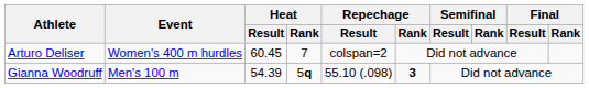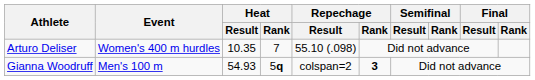 <table class="wikitable" style="font-size:90%">
 <tr>
 <th rowspan="2">Athlete</th>
 <th rowspan="2">Event</th>
 <th colspan="2">Heat</th>
 <th colspan="2">Repechage</th>
 <th colspan="2">Semifinal</th>
 <th colspan="2">Final</th>
 </tr>
 <tr style="font-size:95%">
 <th>Result</th>
 <th>Rank</th>
 <th>Result</th>
 <th>Rank</th>
 <th>Result</th>
 <th>Rank</th>
 <th>Result</th>
 <th>Rank</th>
 </tr>
 <tr align=center>
 <td align=left><a href='#'>Arturo Deliser</a></td>
 <td align=left><a href='#'>Women's 400 m hurdles</a></td>
-<td>60.45</td>
+<td>10.35</td>
 <td>7</td>
-<td>colspan=2 </td>
+<td>55.10 (.098)</td>
 <td colspan=4>Did not advance</td>
 </tr>
 <tr align=center>
 <td align=left><a href='#'>Gianna Woodruff</a></td>
 <td align=left><a href='#'>Men's 100 m</a></td>
-<td>54.39</td>
+<td>54.93</td>
 <td>5<strong>q</strong></td>
-<td>55.10 (.098)</td>
+<td>colspan=2 </td>
 <td><strong>3</strong></td>
 <td colspan=4>Did not advance</td>
 </tr>
 </table>
